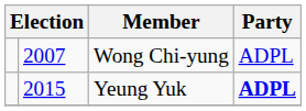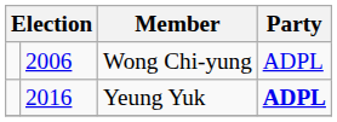 <table class="wikitable">
 <tr>
 <th colspan="2">Election</th>
 <th>Member</th>
 <th>Party</th>
 </tr>
 <tr>
 <td style="background-color: "></td>
-<td><a href='#'>2007</a></td>
+<td><a href='#'>2006</a></td>
 <td>Wong Chi-yung</td>
 <td><a href='#'>ADPL</a></td>
 </tr>
 <tr>
 <td style="background-color: "></td>
-<td><a href='#'>2015</a></td>
+<td><a href='#'>2016</a></td>
 <td>Yeung Yuk</td>
 <td><strong><a href='#'>ADPL</a></strong></td>
 </tr>
 <tr>
 </tr>
 </table>
